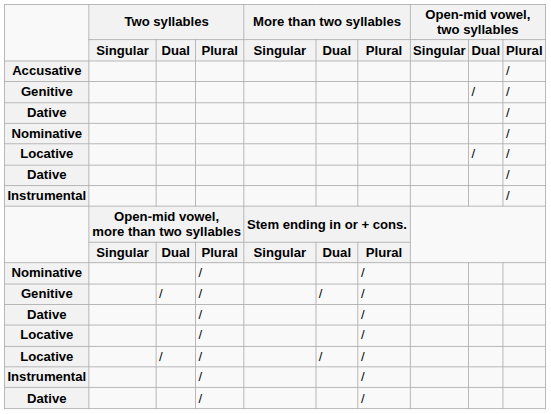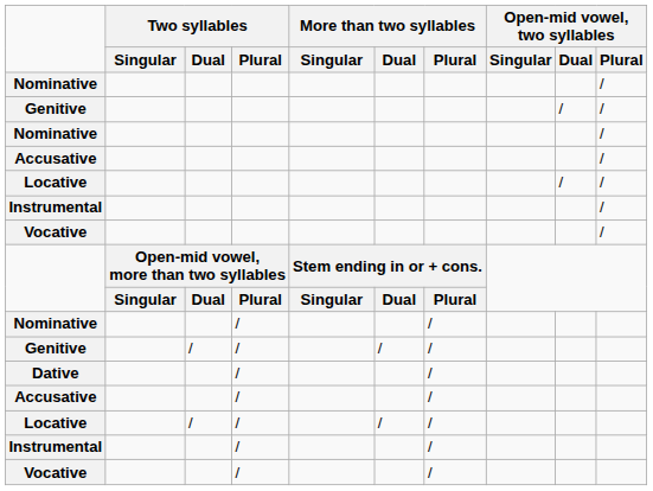 <table class="wikitable">
 <tr>
 <td rowspan="2"></td>
 <th colspan="3">Two syllables</th>
 <th colspan="3">More than two syllables</th>
 <th colspan="3">Open-mid vowel,<br>two syllables</th>
 </tr>
 <tr>
 <th>Singular</th>
 <th>Dual</th>
 <th>Plural</th>
 <th>Singular</th>
 <th>Dual</th>
 <th>Plural</th>
 <th>Singular</th>
 <th>Dual</th>
 <th>Plural</th>
 </tr>
 <tr>
-<th>Accusative</th>
+<th>Nominative</th>
 <td></td>
 <td></td>
 <td></td>
 <td></td>
 <td></td>
 <td></td>
 <td></td>
 <td></td>
 <td> / </td>
 </tr>
 <tr>
 <th>Genitive</th>
 <td></td>
 <td></td>
 <td></td>
 <td></td>
 <td></td>
 <td></td>
 <td></td>
 <td> / </td>
 <td> / </td>
 </tr>
 <tr>
-<th>Dative</th>
+<th>Nominative</th>
 <td></td>
 <td></td>
 <td></td>
 <td></td>
 <td></td>
 <td></td>
 <td></td>
 <td></td>
 <td> / </td>
 </tr>
 <tr>
-<th>Nominative</th>
+<th>Accusative</th>
 <td></td>
 <td></td>
 <td></td>
 <td></td>
 <td></td>
 <td></td>
 <td></td>
 <td></td>
 <td> / </td>
 </tr>
 <tr>
 <th>Locative</th>
 <td></td>
 <td></td>
 <td></td>
 <td></td>
 <td></td>
 <td></td>
 <td></td>
 <td> / </td>
 <td> / </td>
 </tr>
 <tr>
-<th>Dative</th>
+<th>Instrumental</th>
 <td></td>
 <td></td>
 <td></td>
 <td></td>
 <td></td>
 <td></td>
 <td></td>
 <td></td>
 <td> / </td>
 </tr>
 <tr>
-<th>Instrumental</th>
+<th>Vocative</th>
 <td></td>
 <td></td>
 <td></td>
 <td></td>
 <td></td>
 <td></td>
 <td></td>
 <td></td>
 <td> / </td>
 </tr>
 <tr>
 <td rowspan="2"></td>
 <th colspan="3">Open-mid vowel,<br>more than two syllables</th>
 <th colspan="3">Stem ending in   or  + cons.</th>
 <td colspan="3" rowspan="2"></td>
 </tr>
 <tr>
 <th>Singular</th>
 <th>Dual</th>
 <th>Plural</th>
 <th>Singular</th>
 <th>Dual</th>
 <th>Plural</th>
 </tr>
 <tr>
 <th>Nominative</th>
 <td></td>
 <td></td>
 <td> / </td>
 <td></td>
 <td></td>
 <td> / </td>
 <td></td>
 <td></td>
 <td></td>
 </tr>
 <tr>
 <th>Genitive</th>
 <td></td>
 <td> / </td>
 <td> / </td>
 <td></td>
 <td> / </td>
 <td> / </td>
 <td></td>
 <td></td>
 <td></td>
 </tr>
 <tr>
 <th>Dative</th>
 <td></td>
 <td></td>
 <td> / </td>
 <td></td>
 <td></td>
 <td> / </td>
 <td></td>
 <td></td>
 <td></td>
 </tr>
 <tr>
-<th>Locative</th>
+<th>Accusative</th>
 <td></td>
 <td></td>
 <td> / </td>
 <td></td>
 <td></td>
 <td> / </td>
 <td></td>
 <td></td>
 <td></td>
 </tr>
 <tr>
 <th>Locative</th>
 <td></td>
 <td> / </td>
 <td> / </td>
 <td></td>
 <td> / </td>
 <td> / </td>
 <td></td>
 <td></td>
 <td></td>
 </tr>
 <tr>
 <th>Instrumental</th>
 <td></td>
 <td></td>
 <td> / </td>
 <td></td>
 <td></td>
 <td> / </td>
 <td></td>
 <td></td>
 <td></td>
 </tr>
 <tr>
-<th>Dative</th>
+<th>Vocative</th>
 <td></td>
 <td></td>
 <td> / </td>
 <td></td>
 <td></td>
 <td> / </td>
 <td></td>
 <td></td>
 <td></td>
 </tr>
 </table>
